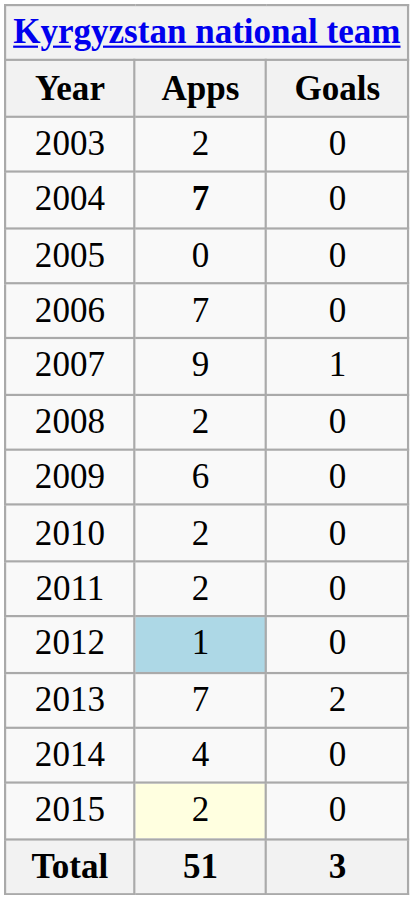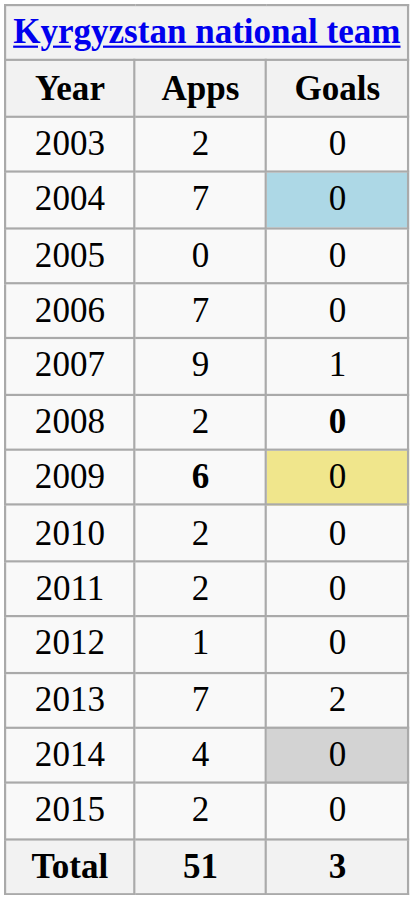 <table class="wikitable" style="text-align:center">
 <tr>
 <th colspan=3><a href='#'>Kyrgyzstan national team</a></th>
 </tr>
 <tr>
 <th>Year</th>
 <th>Apps</th>
 <th>Goals</th>
 </tr>
 <tr>
 <td>2003</td>
 <td>2</td>
 <td>0</td>
 </tr>
 <tr>
 <td>2004</td>
-<td><strong>7</strong></td>
-<td>0</td>
+<td>7</td>
+<td style="background: lightblue;">0</td>
 </tr>
 <tr>
 <td>2005</td>
 <td>0</td>
 <td>0</td>
 </tr>
 <tr>
 <td>2006</td>
 <td>7</td>
 <td>0</td>
 </tr>
 <tr>
 <td>2007</td>
 <td>9</td>
 <td>1</td>
 </tr>
 <tr>
 <td>2008</td>
 <td>2</td>
-<td>0</td>
+<td><strong>0</strong></td>
 </tr>
 <tr>
 <td>2009</td>
-<td>6</td>
-<td>0</td>
+<td><strong>6</strong></td>
+<td style="background: khaki;">0</td>
 </tr>
 <tr>
 <td>2010</td>
 <td>2</td>
 <td>0</td>
 </tr>
 <tr>
 <td>2011</td>
 <td>2</td>
 <td>0</td>
 </tr>
 <tr>
 <td>2012</td>
-<td style="background: lightblue;">1</td>
+<td>1</td>
 <td>0</td>
 </tr>
 <tr>
 <td>2013</td>
 <td>7</td>
 <td>2</td>
 </tr>
 <tr>
 <td>2014</td>
 <td>4</td>
-<td>0</td>
+<td style="background: lightgrey;">0</td>
 </tr>
 <tr>
 <td>2015</td>
-<td style="background: lightyellow;">2</td>
+<td>2</td>
 <td>0</td>
 </tr>
 <tr>
 <th>Total</th>
 <th>51</th>
 <th>3</th>
 </tr>
 </table>
